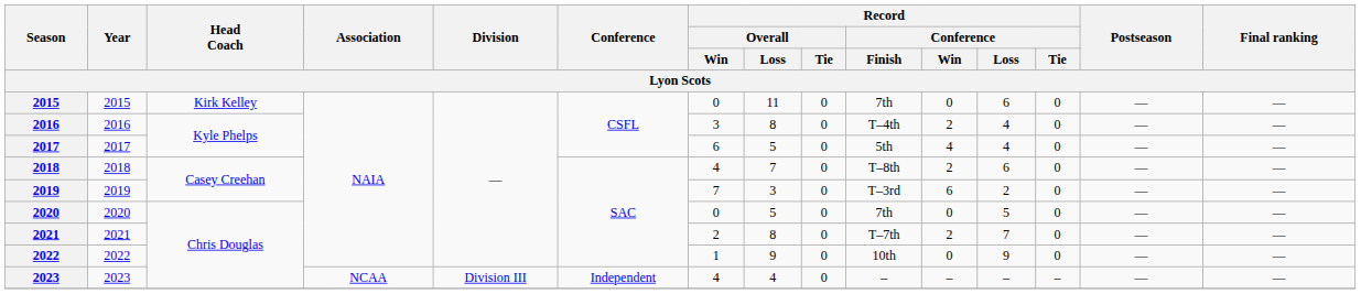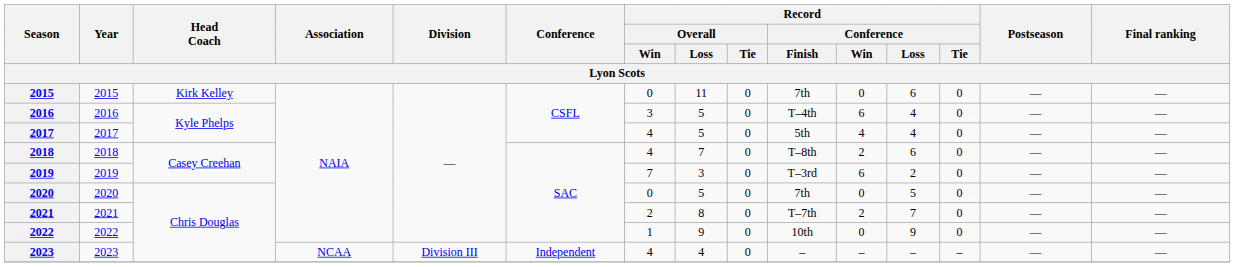 <table class="wikitable" style="font-size: 95%; width:98%;text-align:center;">
 <tr>
 <th rowspan="3">Season</th>
 <th rowspan="3">Year</th>
 <th rowspan="3">Head<br>Coach</th>
 <th rowspan="3">Association</th>
 <th rowspan="3">Division</th>
 <th rowspan="3">Conference</th>
 <th colspan="7">Record</th>
 <th rowspan="3">Postseason</th>
 <th rowspan="3">Final ranking</th>
 </tr>
 <tr>
 <th colspan="3">Overall</th>
 <th colspan="4">Conference</th>
 </tr>
 <tr>
 <th>Win</th>
 <th>Loss</th>
 <th>Tie</th>
 <th>Finish</th>
 <th>Win</th>
 <th>Loss</th>
 <th>Tie</th>
 </tr>
 <tr>
 <th colspan=15 style=>Lyon Scots</th>
 </tr>
 <tr>
 <th><a href='#'>2015</a></th>
 <td><a href='#'>2015</a></td>
 <td rowspan=1><a href='#'>Kirk Kelley</a></td>
 <td rowspan=8><a href='#'>NAIA</a></td>
 <td rowspan=8>—</td>
 <td rowspan=3><a href='#'>CSFL</a></td>
 <td>0</td>
 <td>11</td>
 <td>0</td>
 <td>7th</td>
 <td>0</td>
 <td>6</td>
 <td>0</td>
 <td>—</td>
 <td>—</td>
 </tr>
 <tr>
 <th><a href='#'>2016</a></th>
 <td><a href='#'>2016</a></td>
 <td rowspan=2><a href='#'>Kyle Phelps</a></td>
 <td>3</td>
-<td>8</td>
+<td>5</td>
 <td>0</td>
 <td>T–4th</td>
-<td>2</td>
+<td>6</td>
 <td>4</td>
 <td>0</td>
 <td>—</td>
 <td>—</td>
 </tr>
 <tr>
 <th><a href='#'>2017</a></th>
 <td><a href='#'>2017</a></td>
-<td>6</td>
+<td>4</td>
 <td>5</td>
 <td>0</td>
 <td>5th</td>
 <td>4</td>
 <td>4</td>
 <td>0</td>
 <td>—</td>
 <td>—</td>
 </tr>
 <tr>
 <th><a href='#'>2018</a></th>
 <td><a href='#'>2018</a></td>
 <td rowspan=2><a href='#'>Casey Creehan</a></td>
 <td rowspan=5><a href='#'>SAC</a></td>
 <td>4</td>
 <td>7</td>
 <td>0</td>
 <td>T–8th</td>
 <td>2</td>
 <td>6</td>
 <td>0</td>
 <td>—</td>
 <td>—</td>
 </tr>
 <tr>
 <th><a href='#'>2019</a></th>
 <td><a href='#'>2019</a></td>
 <td>7</td>
 <td>3</td>
 <td>0</td>
 <td>T–3rd</td>
 <td>6</td>
 <td>2</td>
 <td>0</td>
 <td>—</td>
 <td>—</td>
 </tr>
 <tr>
 <th><a href='#'>2020</a></th>
 <td><a href='#'>2020</a></td>
 <td rowspan=4><a href='#'>Chris Douglas</a></td>
 <td>0</td>
 <td>5</td>
 <td>0</td>
 <td>7th</td>
 <td>0</td>
 <td>5</td>
 <td>0</td>
 <td>—</td>
 <td>—</td>
 </tr>
 <tr>
 <th><a href='#'>2021</a></th>
 <td><a href='#'>2021</a></td>
 <td>2</td>
 <td>8</td>
 <td>0</td>
 <td>T–7th</td>
 <td>2</td>
 <td>7</td>
 <td>0</td>
 <td>—</td>
 <td>—</td>
 </tr>
 <tr>
 <th><a href='#'>2022</a></th>
 <td><a href='#'>2022</a></td>
 <td>1</td>
 <td>9</td>
 <td>0</td>
 <td>10th</td>
 <td>0</td>
 <td>9</td>
 <td>0</td>
 <td>—</td>
 <td>—</td>
 </tr>
 <tr>
 <th><a href='#'>2023</a></th>
 <td><a href='#'>2023</a></td>
 <td rowspan=1><a href='#'>NCAA</a></td>
 <td rowspan=1><a href='#'>Division III</a></td>
 <td rowspan=1><a href='#'>Independent</a></td>
 <td>4</td>
 <td>4</td>
 <td>0</td>
 <td>–</td>
 <td>–</td>
 <td>–</td>
 <td>–</td>
 <td>—</td>
 <td>—</td>
 </tr>
 <tr>
 </tr>
 </table>
